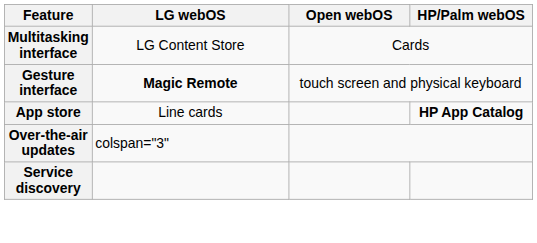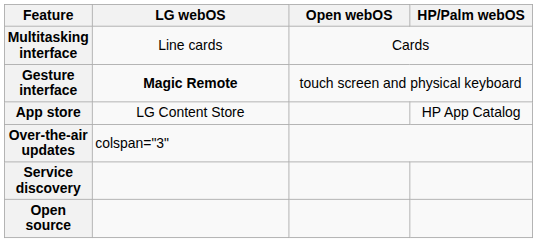 <table class="wikitable">
 <tr>
 <th scope="col">Feature</th>
 <th scope="col" width="250">LG webOS</th>
 <th scope="col" width="150">Open webOS</th>
 <th scope="col" width="150">HP/Palm webOS</th>
 </tr>
 <tr>
 <th scope="row">Multitasking interface</th>
-<td style="text-align:center">LG Content Store</td>
+<td style="text-align:center">Line cards</td>
 <td colspan="2" style="text-align:center">Cards</td>
 </tr>
 <tr>
 <th scope="row">Gesture interface</th>
 <td style="text-align:center"><strong>Magic Remote</strong></td>
 <td colspan="2" style="text-align:center">touch screen and physical keyboard</td>
 </tr>
 <tr>
 <th scope="row">App store</th>
-<td style="text-align:center">Line cards</td>
+<td style="text-align:center">LG Content Store</td>
 <td></td>
-<td style="text-align:center"><strong>HP App Catalog</strong></td>
+<td style="text-align:center">HP App Catalog</td>
 </tr>
 <tr>
 <th scope="row">Over-the-air updates</th>
 <td>colspan="3" </td>
 </tr>
 <tr>
 <th scope="row">Service discovery</th>
 <td></td>
 <td></td>
 <td></td>
 </tr>
+<tr>
+<th scope="row">Open source</th>
+<td></td>
+<td></td>
+<td></td>
+</tr>
 </table>
